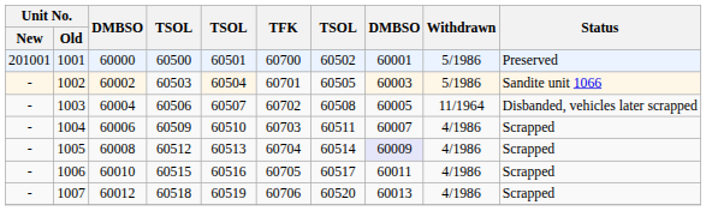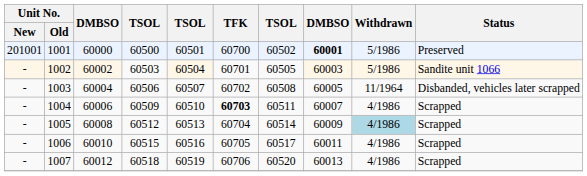 <table class="wikitable">
 <tr>
 <th colspan=2>Unit No.</th>
 <th rowspan=2 width=55>DMBSO</th>
 <th rowspan=2 width=55>TSOL</th>
 <th rowspan=2 width=55>TSOL</th>
 <th rowspan=2 width=55>TFK</th>
 <th rowspan=2 width=55>TSOL</th>
 <th rowspan=2 width=55>DMBSO</th>
 <th rowspan=2>Withdrawn</th>
 <th rowspan=2 align=left>Status</th>
 </tr>
 <tr>
 <th>New</th>
 <th>Old</th>
 </tr>
 <tr>
 <td bgcolor=#eaf3ff align=center>201001</td>
 <td bgcolor=#eaf3ff align=center>1001</td>
 <td bgcolor=#eaf3ff align=center>60000</td>
 <td bgcolor=#eaf3ff align=center>60500</td>
 <td bgcolor=#eaf3ff align=center>60501</td>
 <td bgcolor=#eaf3ff align=center>60700</td>
 <td bgcolor=#eaf3ff align=center>60502</td>
-<td bgcolor=#eaf3ff align=center>60001</td>
+<td bgcolor=#eaf3ff align=center><strong>60001</strong></td>
 <td bgcolor=#eaf3ff align=center>5/1986</td>
 <td bgcolor=#eaf3ff>Preserved</td>
 </tr>
 <tr>
 <td bgcolor=#fef6e7 align=center>-</td>
 <td bgcolor=#fef6e7 align=center>1002</td>
 <td bgcolor=#fef6e7 align=center>60002</td>
 <td align=center>60503</td>
 <td bgcolor=#fef6e7 align=center>60504</td>
 <td align=center>60701</td>
 <td align=center>60505</td>
 <td bgcolor=#fef6e7 align=center>60003</td>
 <td bgcolor=#fef6e7 align=center>5/1986</td>
 <td bgcolor=#fef6e7>Sandite unit <a href='#'>1066</a></td>
 </tr>
 <tr>
 <td align=center>-</td>
 <td align=center>1003</td>
 <td align=center>60004</td>
 <td align=center>60506</td>
 <td align=center>60507</td>
 <td align=center>60702</td>
 <td align=center>60508</td>
 <td align=center>60005</td>
 <td align=center>11/1964</td>
 <td>Disbanded, vehicles later scrapped</td>
 </tr>
 <tr>
 <td align=center>-</td>
 <td align=center>1004</td>
 <td align=center>60006</td>
 <td align=center>60509</td>
 <td align=center>60510</td>
-<td align=center>60703</td>
+<td align=center><strong>60703</strong></td>
 <td align=center>60511</td>
 <td align=center>60007</td>
 <td align=center>4/1986</td>
 <td>Scrapped</td>
 </tr>
 <tr>
 <td align=center>-</td>
 <td align=center>1005</td>
 <td align=center>60008</td>
 <td align=center>60512</td>
 <td align=center>60513</td>
 <td align=center>60704</td>
 <td align=center>60514</td>
-<td align=center style="background: lavender;">60009</td>
-<td align=center>4/1986</td>
+<td align=center>60009</td>
+<td align=center style="background: lightblue;">4/1986</td>
 <td>Scrapped</td>
 </tr>
 <tr>
 <td align=center>-</td>
 <td align=center>1006</td>
 <td align=center>60010</td>
 <td align=center>60515</td>
 <td align=center>60516</td>
 <td align=center>60705</td>
 <td align=center>60517</td>
 <td align=center>60011</td>
 <td align=center>4/1986</td>
 <td>Scrapped</td>
 </tr>
 <tr>
 <td align=center>-</td>
 <td align=center>1007</td>
 <td align=center>60012</td>
 <td align=center>60518</td>
 <td align=center>60519</td>
 <td align=center>60706</td>
 <td align=center>60520</td>
 <td align=center>60013</td>
 <td align=center>4/1986</td>
 <td>Scrapped</td>
 </tr>
 <tr>
 </tr>
 </table>
